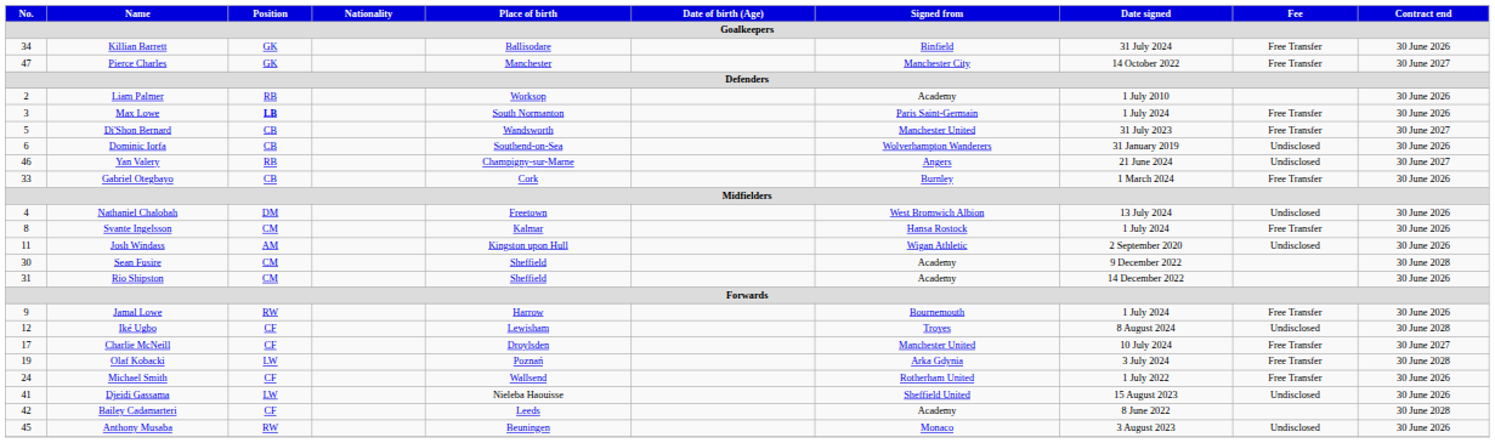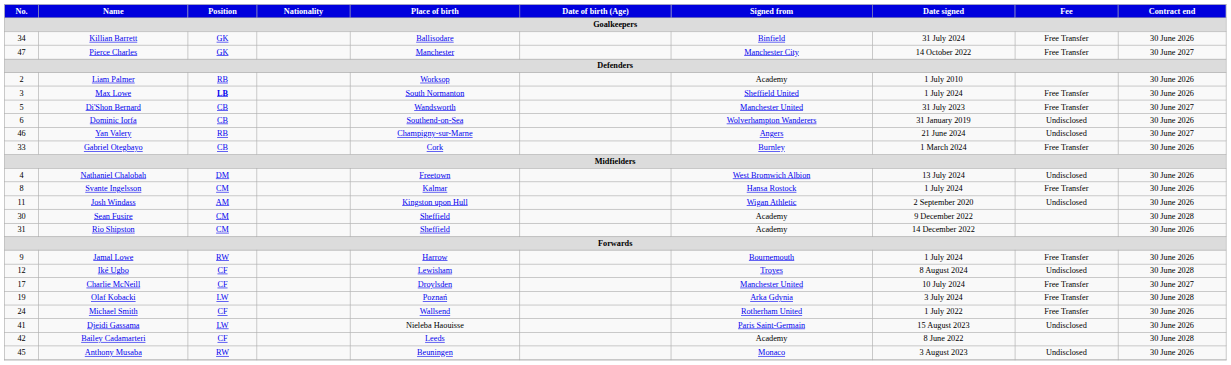 <table class="wikitable" style="text-align:center; font-size:84.5%; width:101%;">
 <tr>
 <th style="color:white; background:#00d; text-align:center;">No.</th>
 <th style="color:white; background:#00d; text-align:center;">Name</th>
 <th style="color:white; background:#00d; text-align:center;">Position</th>
 <th style="color:white; background:#00d; text-align:center;">Nationality</th>
 <th style="color:white; background:#00d; text-align:center;">Place of birth</th>
 <th style="color:white; background:#00d; text-align:center;">Date of birth (Age)</th>
 <th style="color:white; background:#00d; text-align:center;">Signed from</th>
 <th style="color:white; background:#00d; text-align:center;">Date signed</th>
 <th style="color:white; background:#00d; text-align:center;">Fee</th>
 <th style="color:white; background:#00d; text-align:center;">Contract end</th>
 </tr>
 <tr>
 <th colspan="14" style="background:#dcdcdc; tepxt-align:center;">Goalkeepers</th>
 </tr>
 <tr>
 <td>34</td>
 <td><a href='#'>Killian Barrett</a></td>
 <td><a href='#'>GK</a></td>
 <td></td>
 <td><a href='#'>Ballisodare</a></td>
 <td></td>
 <td><a href='#'>Binfield</a></td>
 <td>31 July 2024</td>
 <td>Free Transfer</td>
 <td>30 June 2026</td>
 </tr>
 <tr>
 <td>47</td>
 <td><a href='#'>Pierce Charles</a></td>
 <td><a href='#'>GK</a></td>
 <td></td>
 <td><a href='#'>Manchester</a></td>
 <td></td>
 <td><a href='#'>Manchester City</a></td>
 <td>14 October 2022</td>
 <td>Free Transfer</td>
 <td>30 June 2027</td>
 </tr>
 <tr>
 <th colspan="14" style="background:#dcdcdc; tepxt-align:center;">Defenders</th>
 </tr>
 <tr>
 <td>2</td>
 <td><a href='#'>Liam Palmer</a></td>
 <td><a href='#'>RB</a></td>
 <td></td>
 <td><a href='#'>Worksop</a></td>
 <td></td>
 <td>Academy</td>
 <td>1 July 2010</td>
 <td></td>
 <td>30 June 2026</td>
 </tr>
 <tr>
 <td>3</td>
 <td><a href='#'>Max Lowe</a></td>
 <td><strong><a href='#'>LB</a></strong></td>
 <td></td>
 <td><a href='#'>South Normanton</a></td>
 <td></td>
-<td><a href='#'>Paris Saint-Germain</a></td>
+<td><a href='#'>Sheffield United</a></td>
 <td>1 July 2024</td>
 <td>Free Transfer</td>
 <td>30 June 2026</td>
 </tr>
 <tr>
 <td>5</td>
 <td><a href='#'>Di'Shon Bernard</a></td>
 <td><a href='#'>CB</a></td>
 <td></td>
 <td><a href='#'>Wandsworth</a></td>
 <td></td>
 <td><a href='#'>Manchester United</a></td>
 <td>31 July 2023</td>
 <td>Free Transfer</td>
 <td>30 June 2027</td>
 </tr>
 <tr>
 <td>6</td>
 <td><a href='#'>Dominic Iorfa</a></td>
 <td><a href='#'>CB</a></td>
 <td></td>
 <td><a href='#'>Southend-on-Sea</a></td>
 <td></td>
 <td><a href='#'>Wolverhampton Wanderers</a></td>
 <td>31 January 2019</td>
 <td>Undisclosed</td>
 <td>30 June 2026</td>
 </tr>
 <tr>
 <td>46</td>
 <td><a href='#'>Yan Valery</a></td>
 <td><a href='#'>RB</a></td>
 <td></td>
 <td><a href='#'>Champigny-sur-Marne</a></td>
 <td></td>
 <td><a href='#'>Angers</a></td>
 <td>21 June 2024</td>
 <td>Undisclosed</td>
 <td>30 June 2027</td>
 </tr>
 <tr>
 <td>33</td>
 <td><a href='#'>Gabriel Otegbayo</a></td>
 <td><a href='#'>CB</a></td>
 <td></td>
 <td><a href='#'>Cork</a></td>
 <td></td>
 <td><a href='#'>Burnley</a></td>
 <td>1 March 2024</td>
 <td>Free Transfer</td>
 <td>30 June 2026</td>
 </tr>
 <tr>
 <th colspan="14" style="background:#dcdcdc; tepxt-align:center;">Midfielders</th>
 </tr>
 <tr>
 <td>4</td>
 <td><a href='#'>Nathaniel Chalobah</a></td>
 <td><a href='#'>DM</a></td>
 <td></td>
 <td><a href='#'>Freetown</a></td>
 <td></td>
 <td><a href='#'>West Bromwich Albion</a></td>
 <td>13 July 2024</td>
 <td>Undisclosed</td>
 <td>30 June 2026</td>
 </tr>
 <tr>
 <td>8</td>
 <td><a href='#'>Svante Ingelsson</a></td>
 <td><a href='#'>CM</a></td>
 <td></td>
 <td><a href='#'>Kalmar</a></td>
 <td></td>
 <td><a href='#'>Hansa Rostock</a></td>
 <td>1 July 2024</td>
 <td>Free Transfer</td>
 <td>30 June 2026</td>
 </tr>
 <tr>
 <td>11</td>
 <td><a href='#'>Josh Windass</a></td>
 <td><a href='#'>AM</a></td>
 <td></td>
 <td><a href='#'>Kingston upon Hull</a></td>
 <td></td>
 <td><a href='#'>Wigan Athletic</a></td>
 <td>2 September 2020</td>
 <td>Undisclosed</td>
 <td>30 June 2026</td>
 </tr>
 <tr>
 <td>30</td>
 <td><a href='#'>Sean Fusire</a></td>
 <td><a href='#'>CM</a></td>
 <td></td>
 <td><a href='#'>Sheffield</a></td>
 <td></td>
 <td>Academy</td>
 <td>9 December 2022</td>
 <td></td>
 <td>30 June 2028</td>
 </tr>
 <tr>
 <td>31</td>
 <td><a href='#'>Rio Shipston</a></td>
 <td><a href='#'>CM</a></td>
 <td></td>
 <td><a href='#'>Sheffield</a></td>
 <td></td>
 <td>Academy</td>
 <td>14 December 2022</td>
 <td></td>
 <td>30 June 2026</td>
 </tr>
 <tr>
 <th colspan="14" style="background:#dcdcdc; tepxt-align:center;">Forwards</th>
 </tr>
 <tr>
 <td>9</td>
 <td><a href='#'>Jamal Lowe</a></td>
 <td><a href='#'>RW</a></td>
 <td></td>
 <td><a href='#'>Harrow</a></td>
 <td></td>
 <td><a href='#'>Bournemouth</a></td>
 <td>1 July 2024</td>
 <td>Free Transfer</td>
 <td>30 June 2026</td>
 </tr>
 <tr>
 <td>12</td>
 <td><a href='#'>Iké Ugbo</a></td>
 <td><a href='#'>CF</a></td>
 <td></td>
 <td><a href='#'>Lewisham</a></td>
 <td></td>
 <td><a href='#'>Troyes</a></td>
 <td>8 August 2024</td>
 <td>Undisclosed</td>
 <td>30 June 2028</td>
 </tr>
 <tr>
 <td>17</td>
 <td><a href='#'>Charlie McNeill</a></td>
 <td><a href='#'>CF</a></td>
 <td></td>
 <td><a href='#'>Droylsden</a></td>
 <td></td>
 <td><a href='#'>Manchester United</a></td>
 <td>10 July 2024</td>
 <td>Free Transfer</td>
 <td>30 June 2027</td>
 </tr>
 <tr>
 <td>19</td>
 <td><a href='#'>Olaf Kobacki</a></td>
 <td><a href='#'>LW</a></td>
 <td></td>
 <td><a href='#'>Poznań</a></td>
 <td></td>
 <td><a href='#'>Arka Gdynia</a></td>
 <td>3 July 2024</td>
 <td>Free Transfer</td>
 <td>30 June 2028</td>
 </tr>
 <tr>
 <td>24</td>
 <td><a href='#'>Michael Smith</a></td>
 <td><a href='#'>CF</a></td>
 <td></td>
 <td><a href='#'>Wallsend</a></td>
 <td></td>
 <td><a href='#'>Rotherham United</a></td>
 <td>1 July 2022</td>
 <td>Free Transfer</td>
 <td>30 June 2026</td>
 </tr>
 <tr>
 <td>41</td>
 <td><a href='#'>Djeidi Gassama</a></td>
 <td><a href='#'>LW</a></td>
 <td></td>
 <td>Nieleba Haouisse</td>
 <td></td>
-<td><a href='#'>Sheffield United</a></td>
+<td><a href='#'>Paris Saint-Germain</a></td>
 <td>15 August 2023</td>
 <td>Undisclosed</td>
 <td>30 June 2026</td>
 </tr>
 <tr>
 <td>42</td>
 <td><a href='#'>Bailey Cadamarteri</a></td>
 <td><a href='#'>CF</a></td>
 <td></td>
 <td><a href='#'>Leeds</a></td>
 <td></td>
 <td>Academy</td>
 <td>8 June 2022</td>
 <td></td>
 <td>30 June 2028</td>
 </tr>
 <tr>
 <td>45</td>
 <td><a href='#'>Anthony Musaba</a></td>
 <td><a href='#'>RW</a></td>
 <td></td>
 <td><a href='#'>Beuningen</a></td>
 <td></td>
 <td><a href='#'>Monaco</a></td>
 <td>3 August 2023</td>
 <td>Undisclosed</td>
 <td>30 June 2026</td>
 </tr>
 <tr>
 </tr>
 </table>
